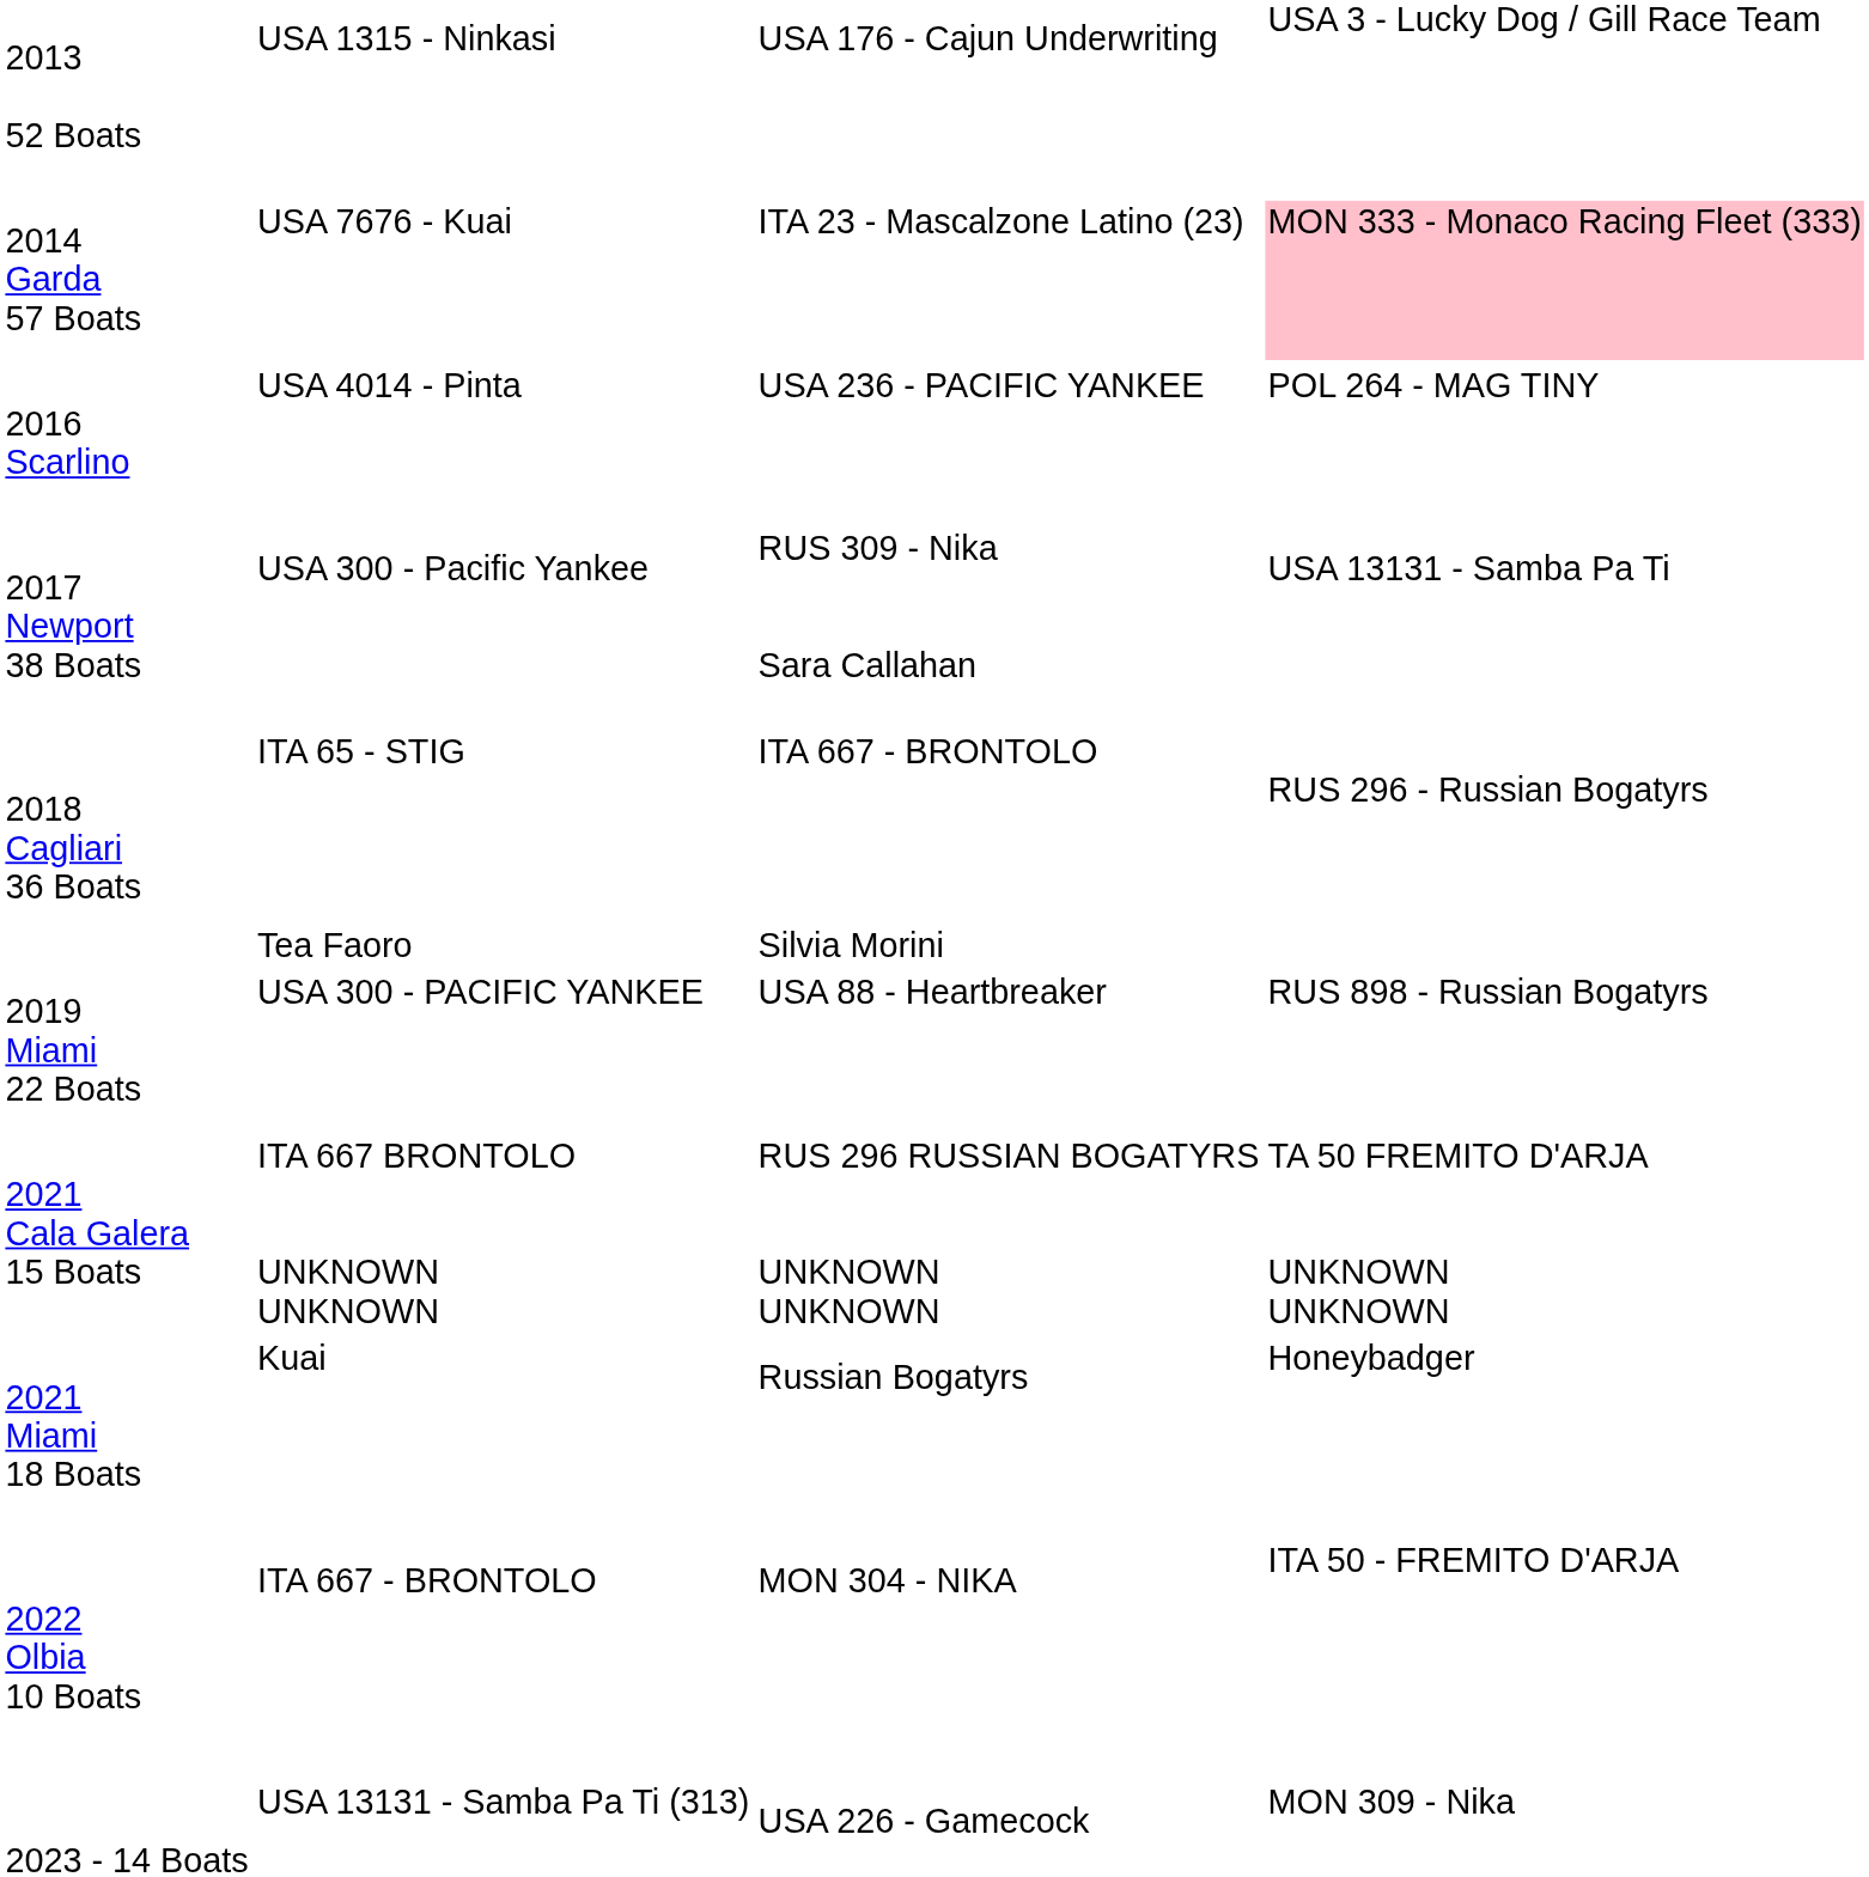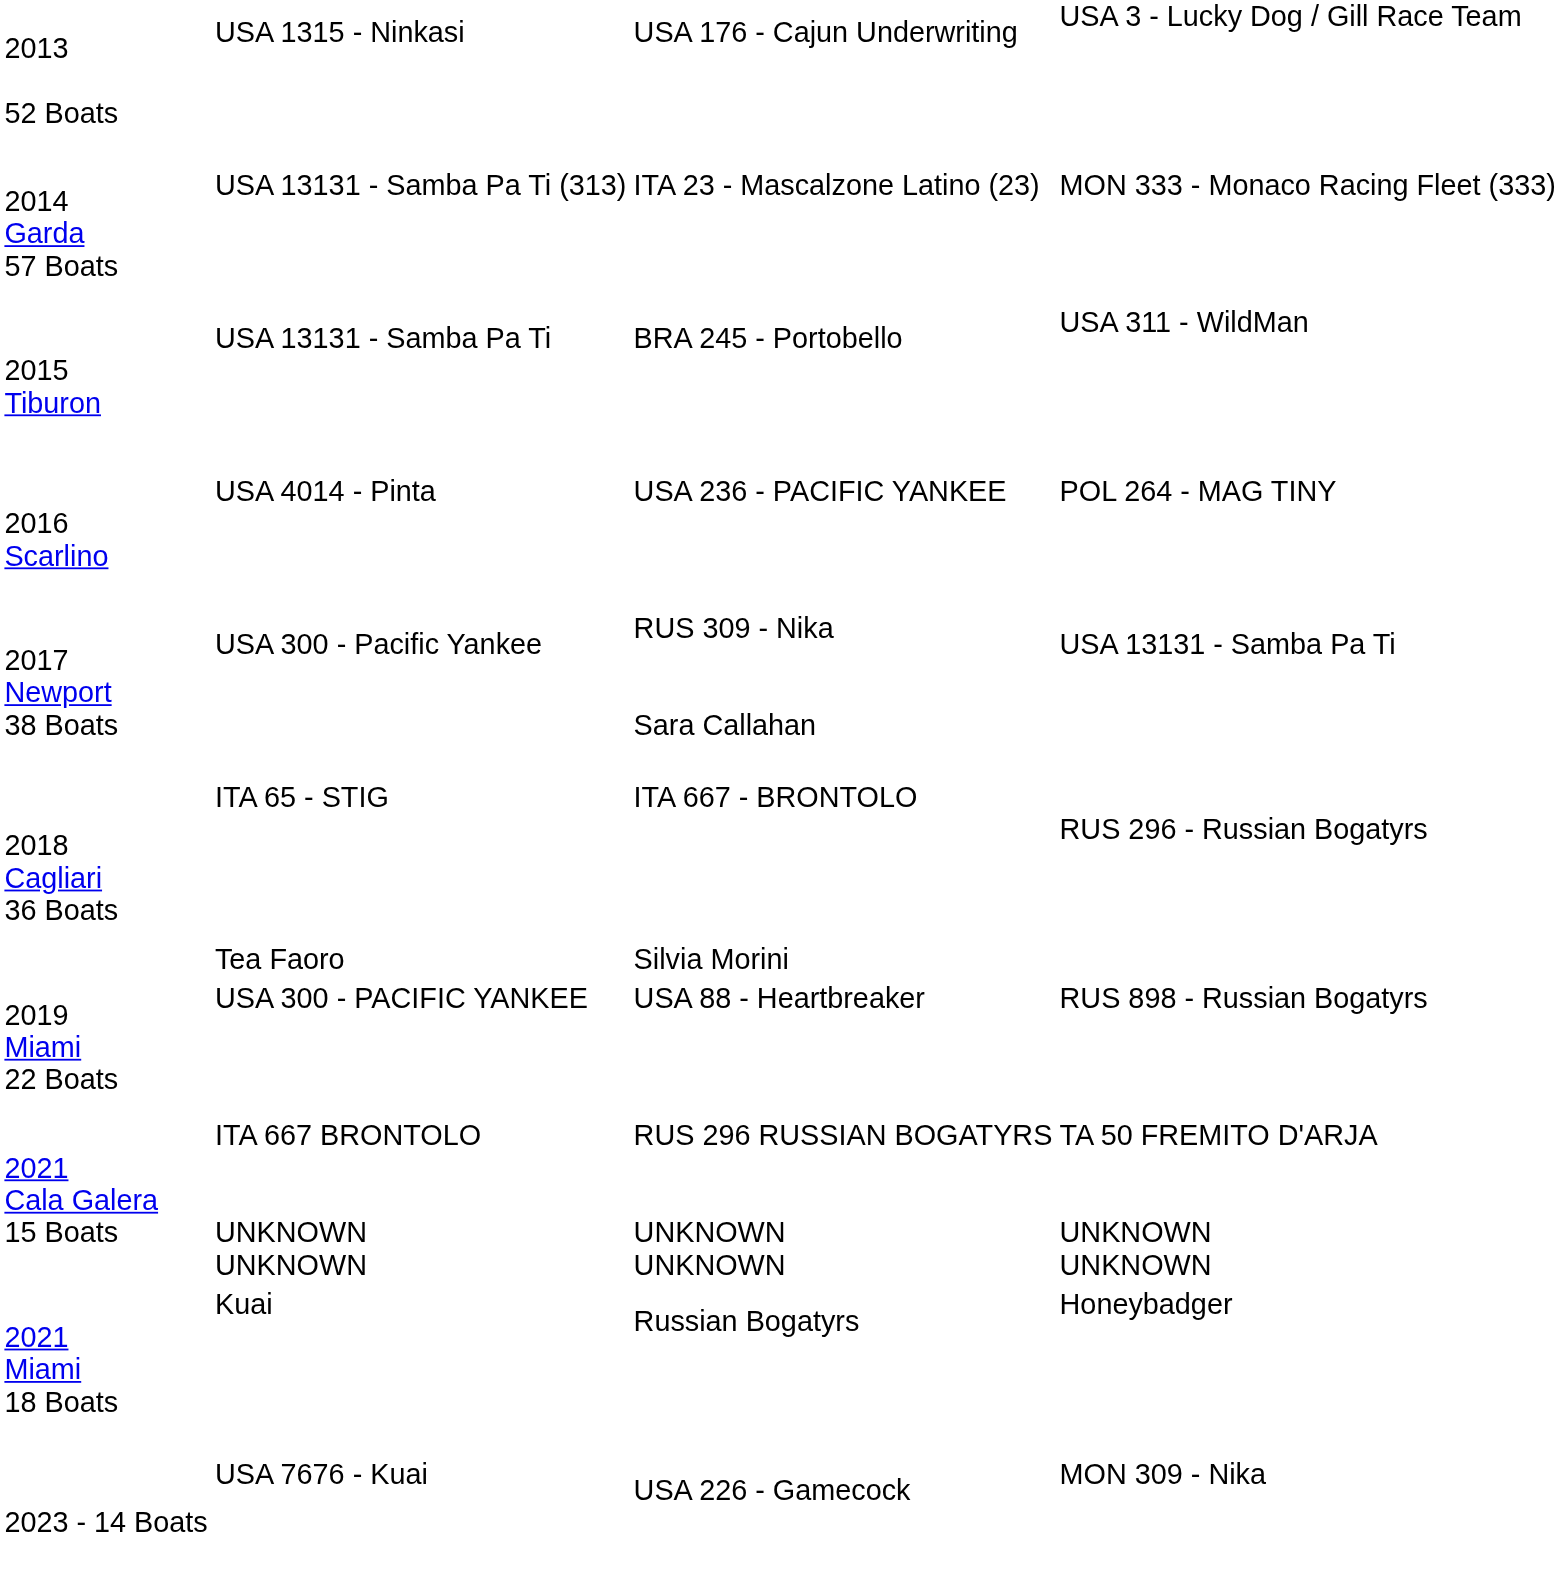 <table>
 <tr>
 <td>2013<br><br>52 Boats</td>
 <td>USA 1315 - Ninkasi<br><br><br> <br> </td>
 <td>USA 176 - Cajun Underwriting<br><br><br> <br> </td>
 <td>USA 3 - Lucky Dog / Gill Race Team<br><br><br> <br> <br></td>
 <td></td>
 </tr>
 <tr>
 <td>2014<br> <a href='#'>Garda</a><br>57 Boats</td>
-<td>USA 7676 - Kuai<br><br><br><br></td>
+<td>USA 13131 - Samba Pa Ti (313)<br><br><br> <br> </td>
 <td>ITA 23 - Mascalzone Latino (23)<br><br><br><br></td>
-<td style="background: pink;">MON 333 - Monaco Racing Fleet (333)<br><br><br><br></td>
+<td>MON 333 - Monaco Racing Fleet (333)<br><br><br><br></td>
+<td></td>
+</tr>
+<tr>
+<td>2015<br> <a href='#'>Tiburon</a></td>
+<td>USA 13131 - Samba Pa Ti<br><br><br> <br> </td>
+<td>BRA 245 - Portobello<br><br><br> <br> </td>
+<td>USA 311 - WildMan<br><br><br> <br> <br> </td>
 <td></td>
 </tr>
 <tr>
 <td>2016<br> <a href='#'>Scarlino</a></td>
 <td>USA 4014 - Pinta<br><br><br> <br> </td>
 <td>USA 236 - PACIFIC YANKEE<br><br><br> <br> </td>
 <td>POL 264 - MAG TINY<br><br><br> <br> </td>
 <td></td>
 </tr>
 <tr>
 <td>2017<br> <a href='#'>Newport</a><br>38 Boats</td>
 <td>USA 300 - Pacific Yankee<br><br><br> <br> </td>
 <td>RUS 309 - Nika<br><br><br> Sara Callahan<br> <br> </td>
 <td>USA 13131 - Samba Pa Ti<br><br><br> <br> </td>
 <td></td>
 </tr>
 <tr>
 <td>2018<br> <a href='#'>Cagliari</a><br>36 Boats</td>
 <td>ITA 65	- STIG<br><br><br> <br> <br> Tea Faoro</td>
 <td>ITA 667 - BRONTOLO<br><br><br> <br> <br> Silvia Morini</td>
 <td>RUS 296 - Russian Bogatyrs<br><br><br> <br> </td>
 <td></td>
 </tr>
 <tr>
 <td>2019 <br> <a href='#'>Miami</a><br>22 Boats</td>
 <td>USA 300 - PACIFIC YANKEE<br><br><br> <br> </td>
 <td>USA 88	- Heartbreaker<br><br><br> <br> </td>
 <td>RUS 898 - Russian Bogatyrs<br><br><br> <br> </td>
 <td></td>
 </tr>
 <tr>
 <td><a href='#'>2021</a><br> <a href='#'>Cala Galera</a><br>15 Boats</td>
 <td>ITA 667 BRONTOLO<br><br><br>UNKNOWN<br>UNKNOWN</td>
 <td>RUS 296 RUSSIAN BOGATYRS<br><br><br>UNKNOWN<br>UNKNOWN</td>
 <td>TA 50 FREMITO D'ARJA<br><br><br>UNKNOWN<br>UNKNOWN</td>
 <td></td>
 </tr>
 <tr>
 <td><a href='#'>2021</a><br> <a href='#'>Miami</a><br>18 Boats</td>
 <td>Kuai<br><br><br><br> <br> </td>
 <td>Russian Bogatyrs<br><br><br> <br> </td>
 <td>Honeybadger<br><br><br> <br> <br> </td>
 <td></td>
 </tr>
 <tr>
-<td><a href='#'>2022</a><br> <a href='#'>Olbia</a><br>10 Boats</td>
-<td>ITA 667 - BRONTOLO<br><br><br> <br> <br> </td>
-<td>MON 304 - NIKA<br><br><br> <br> <br> </td>
-<td>ITA 50 - FREMITO D'ARJA<br><br><br> <br> <br> <br></td>
-<td></td>
-</tr>
-<tr>
 <td>2023 - 14 Boats</td>
-<td>USA 13131 - Samba Pa Ti (313)<br><br><br> <br> </td>
+<td>USA 7676 - Kuai<br><br><br><br></td>
 <td>USA 226 - Gamecock<br><br><br></td>
 <td>MON 309 - Nika<br><br><br><br></td>
 </tr>
 </table>
